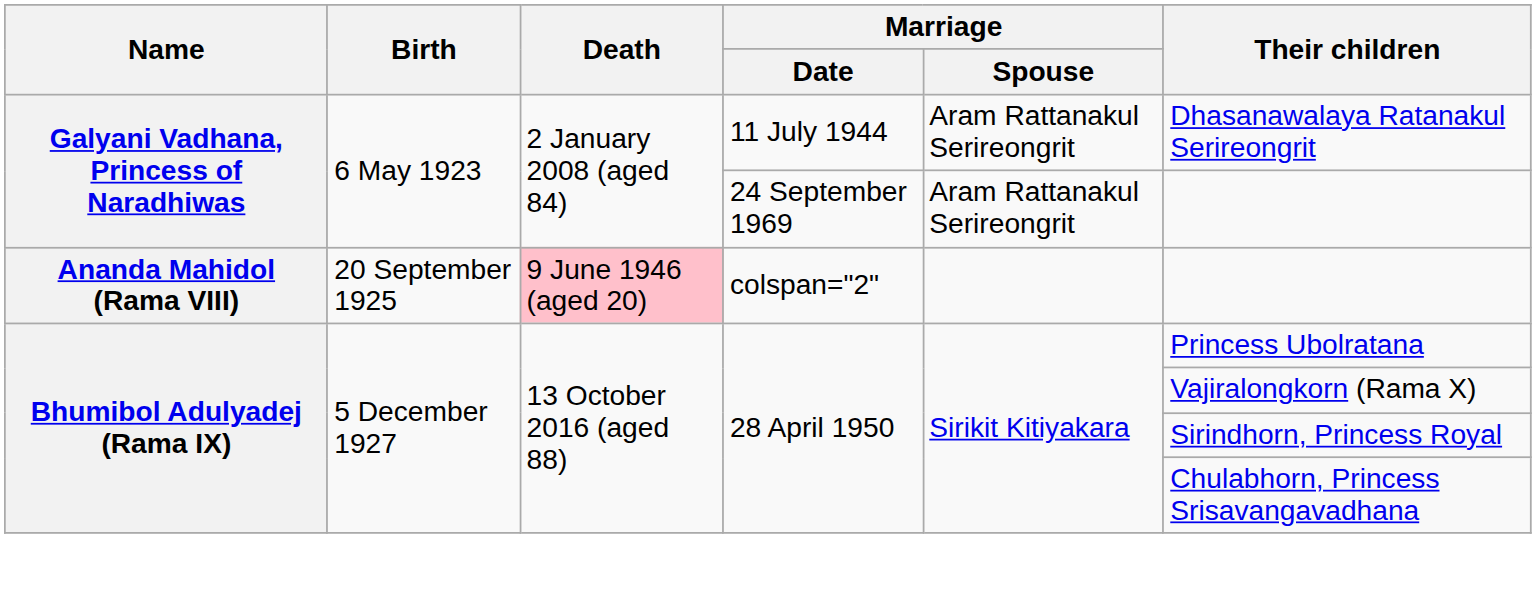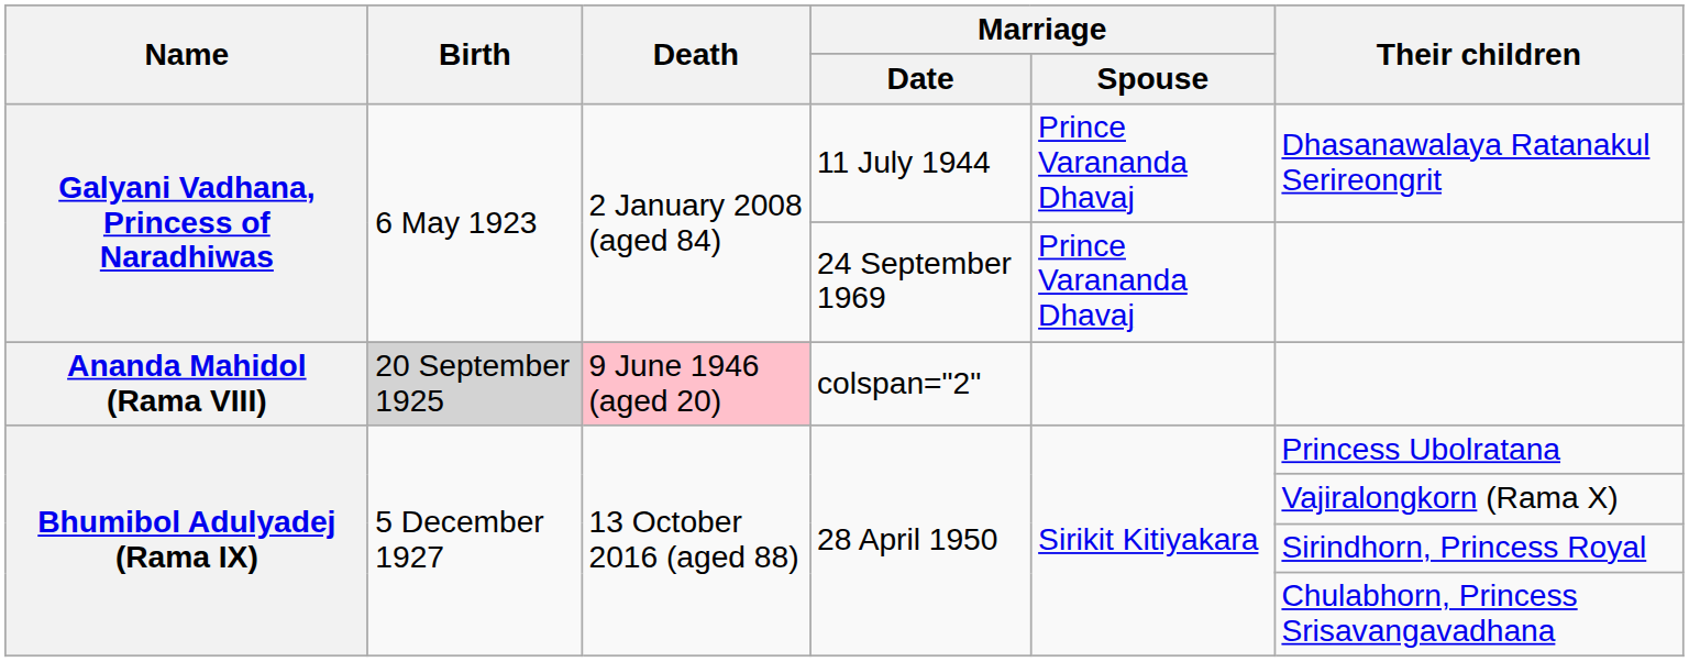 <table class="wikitable plainrowheaders">
 <tr>
 <th rowspan="2" scope="col">Name</th>
 <th rowspan="2" scope="col">Birth</th>
 <th rowspan="2" scope="col">Death</th>
 <th colspan="2" scope="col">Marriage</th>
 <th rowspan="2" scope="col">Their children</th>
 </tr>
 <tr>
 <th scope="col">Date</th>
 <th scope="col">Spouse</th>
 </tr>
 <tr>
 <th rowspan="2" scope="row"><a href='#'>Galyani Vadhana, Princess of Naradhiwas</a></th>
 <td rowspan="2">6 May 1923</td>
 <td rowspan="2">2 January 2008 (aged 84)</td>
 <td>11 July 1944<br></td>
-<td>Aram Rattanakul Serireongrit</td>
+<td><a href='#'>Prince Varananda Dhavaj</a></td>
 <td><a href='#'>Dhasanawalaya Ratanakul Serireongrit</a></td>
 </tr>
 <tr>
 <td>24 September 1969</td>
-<td>Aram Rattanakul Serireongrit</td>
+<td><a href='#'>Prince Varananda Dhavaj</a></td>
 <td></td>
 </tr>
 <tr>
 <th scope="row"><a href='#'>Ananda Mahidol</a> (Rama VIII)</th>
-<td>20 September 1925</td>
+<td style="background: lightgrey;">20 September 1925</td>
 <td style="background: pink;">9 June 1946 (aged 20)</td>
 <td>colspan="2" </td>
 <td></td>
 </tr>
 <tr>
 <th rowspan="4" scope="row"><a href='#'>Bhumibol Adulyadej</a> (Rama IX)</th>
 <td rowspan="4">5 December 1927</td>
 <td rowspan="4">13 October 2016 (aged 88)</td>
 <td rowspan="4">28 April 1950</td>
 <td rowspan="4"><a href='#'>Sirikit Kitiyakara</a></td>
 <td><a href='#'>Princess Ubolratana</a></td>
 </tr>
 <tr>
 <td><a href='#'>Vajiralongkorn</a> (Rama X)</td>
 </tr>
 <tr>
 <td><a href='#'>Sirindhorn, Princess Royal</a></td>
 </tr>
 <tr>
 <td><a href='#'>Chulabhorn, Princess Srisavangavadhana</a></td>
 </tr>
 </table>
